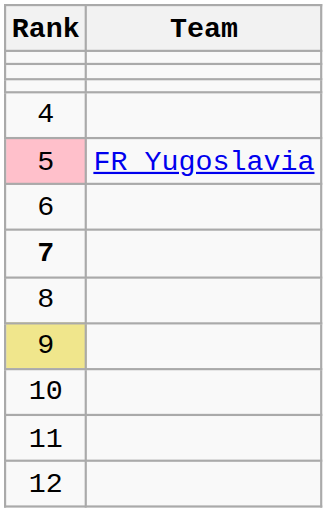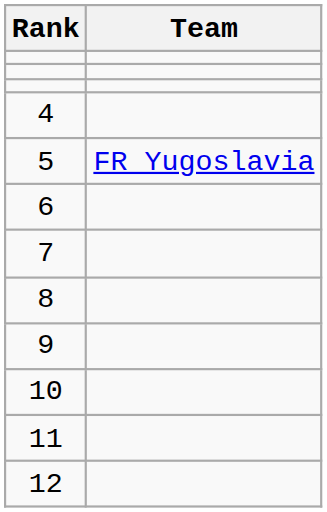 <table class="wikitable" border="1">
 <tr>
 <th>Rank</th>
 <th>Team</th>
 </tr>
 <tr>
 <td align=center></td>
 <td></td>
 </tr>
 <tr>
 <td align=center></td>
 <td></td>
 </tr>
 <tr>
 <td align=center></td>
 <td></td>
 </tr>
 <tr>
 <td align=center>4</td>
 <td></td>
 </tr>
 <tr>
-<td align=center style="background: pink;">5</td>
+<td align=center>5</td>
 <td> <a href='#'>FR Yugoslavia</a></td>
 </tr>
 <tr>
 <td align=center>6</td>
 <td></td>
 </tr>
 <tr>
-<td align=center><strong>7</strong></td>
+<td align=center>7</td>
 <td></td>
 </tr>
 <tr>
 <td align=center>8</td>
 <td></td>
 </tr>
 <tr>
-<td align=center style="background: khaki;">9</td>
+<td align=center>9</td>
 <td></td>
 </tr>
 <tr>
 <td align=center>10</td>
 <td></td>
 </tr>
 <tr>
 <td align=center>11</td>
 <td></td>
 </tr>
 <tr>
 <td align=center>12</td>
 <td></td>
 </tr>
 </table>
